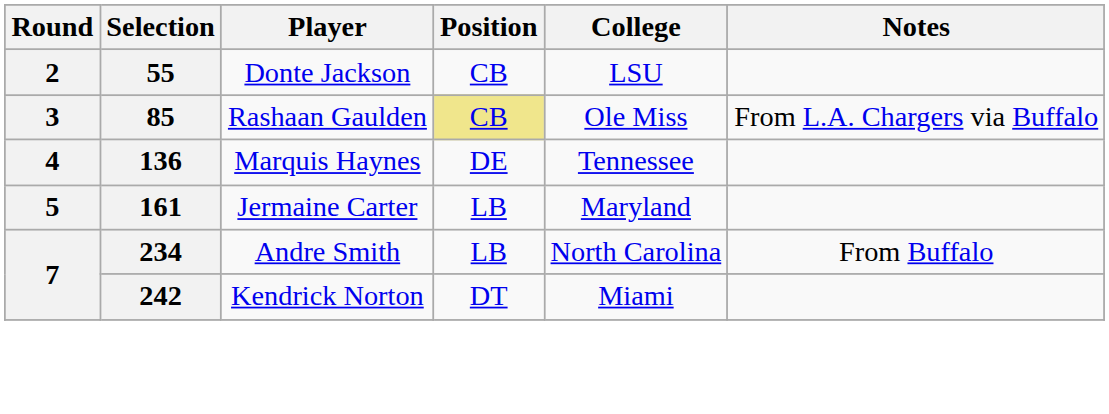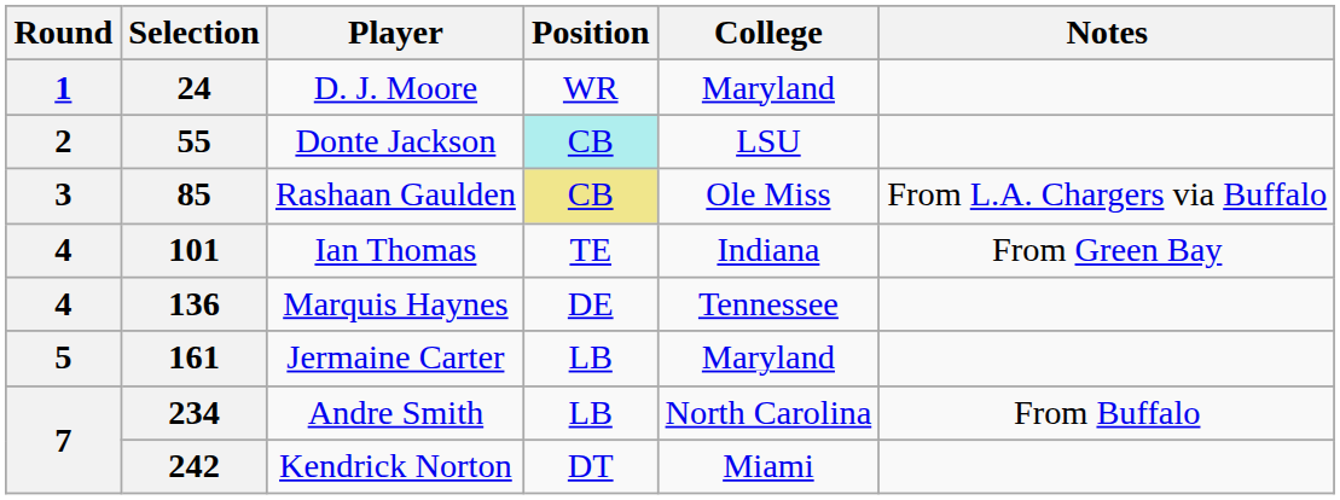 <table class="wikitable" style="text-align:center">
 <tr>
 <th>Round</th>
 <th>Selection</th>
 <th>Player</th>
 <th>Position</th>
 <th>College</th>
 <th>Notes</th>
 </tr>
 <tr>
+<th><a href='#'>1</a></th>
+<th>24</th>
+<td><a href='#'>D. J. Moore</a></td>
+<td><a href='#'>WR</a></td>
+<td><a href='#'>Maryland</a></td>
+<td></td>
+</tr>
+<tr>
 <th>2</th>
 <th>55</th>
 <td><a href='#'>Donte Jackson</a></td>
-<td><a href='#'>CB</a></td>
+<td style="background: paleturquoise;"><a href='#'>CB</a></td>
 <td><a href='#'>LSU</a></td>
 <td></td>
 </tr>
 <tr>
 <th>3</th>
 <th>85</th>
 <td><a href='#'>Rashaan Gaulden</a></td>
 <td style="background: khaki;"><a href='#'>CB</a></td>
 <td><a href='#'>Ole Miss</a></td>
 <td>From <a href='#'>L.A. Chargers</a> via <a href='#'>Buffalo</a></td>
+</tr>
+<tr>
+<th>4</th>
+<th>101</th>
+<td><a href='#'>Ian Thomas</a></td>
+<td><a href='#'>TE</a></td>
+<td><a href='#'>Indiana</a></td>
+<td>From <a href='#'>Green Bay</a></td>
 </tr>
 <tr>
 <th>4</th>
 <th>136</th>
 <td><a href='#'>Marquis Haynes</a></td>
 <td><a href='#'>DE</a></td>
 <td><a href='#'>Tennessee</a></td>
 <td></td>
 </tr>
 <tr>
 <th>5</th>
 <th>161</th>
 <td><a href='#'>Jermaine Carter</a></td>
 <td><a href='#'>LB</a></td>
 <td><a href='#'>Maryland</a></td>
 <td></td>
 </tr>
 <tr>
 <th rowspan="2">7</th>
 <th>234</th>
 <td><a href='#'>Andre Smith</a></td>
 <td><a href='#'>LB</a></td>
 <td><a href='#'>North Carolina</a></td>
 <td>From <a href='#'>Buffalo</a></td>
 </tr>
 <tr>
 <th>242</th>
 <td><a href='#'>Kendrick Norton</a></td>
 <td><a href='#'>DT</a></td>
 <td><a href='#'>Miami</a></td>
 <td></td>
 </tr>
 </table>
